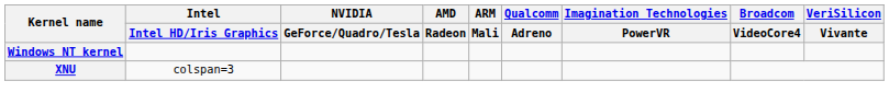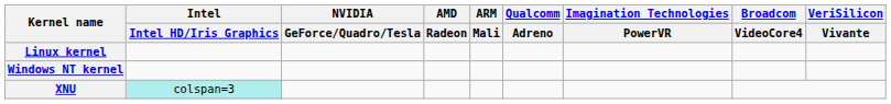 <table style="font-size:85%; text-align: center; width: auto" class="sortable wikitable">
 <tr>
 <th rowspan=2>Kernel name</th>
 <th>Intel</th>
 <th>NVIDIA</th>
 <th>AMD</th>
 <th>ARM</th>
 <th><a href='#'>Qualcomm</a></th>
 <th><a href='#'>Imagination Technologies</a></th>
 <th><a href='#'>Broadcom</a> </th>
 <th><a href='#'>VeriSilicon</a> </th>
 </tr>
 <tr>
 <th><a href='#'>Intel HD/Iris Graphics</a></th>
 <th>GeForce/Quadro/Tesla</th>
 <th>Radeon</th>
 <th>Mali</th>
 <th>Adreno</th>
 <th>PowerVR</th>
 <th>VideoCore4</th>
 <th>Vivante</th>
 </tr>
 <tr>
+<th><a href='#'>Linux kernel</a></th>
+<td></td>
+<td></td>
+<td></td>
+<td></td>
+<td></td>
+<td></td>
+<td></td>
+<td></td>
+</tr>
+<tr>
 <th><a href='#'>Windows NT kernel</a></th>
 <td></td>
 <td></td>
 <td></td>
 <td></td>
 <td></td>
 <td></td>
 <td></td>
 <td></td>
 </tr>
 <tr>
 <th><a href='#'>XNU</a></th>
-<td>colspan=3 </td>
+<td style="background: paleturquoise;">colspan=3 </td>
 <td></td>
 <td></td>
 <td></td>
 <td></td>
 <td></td>
 </tr>
 </table>
